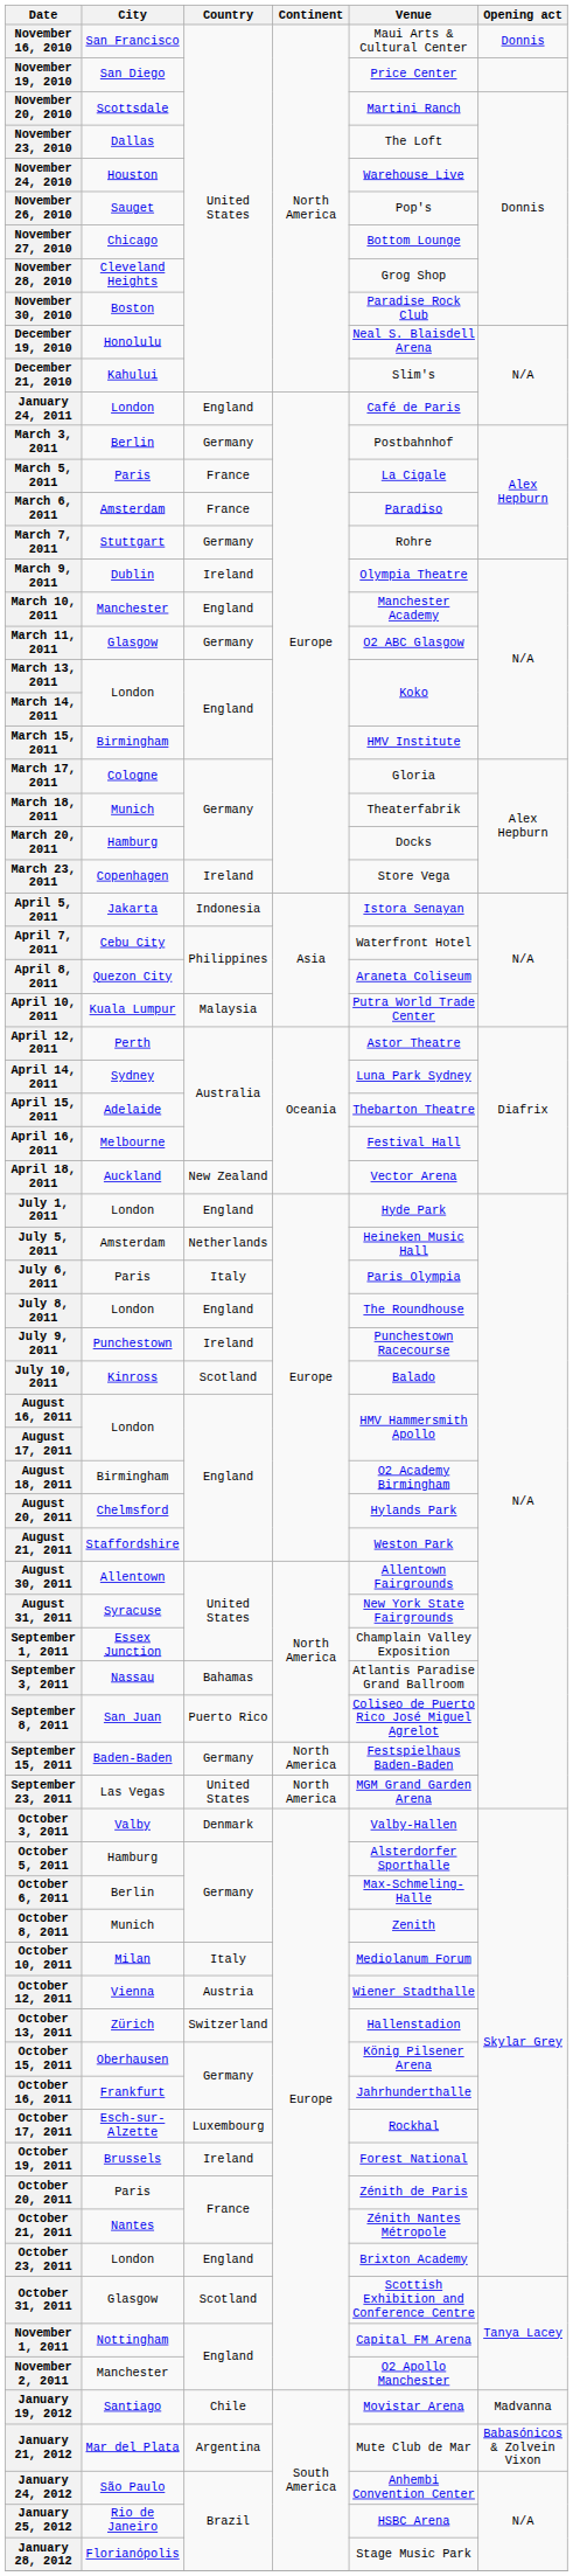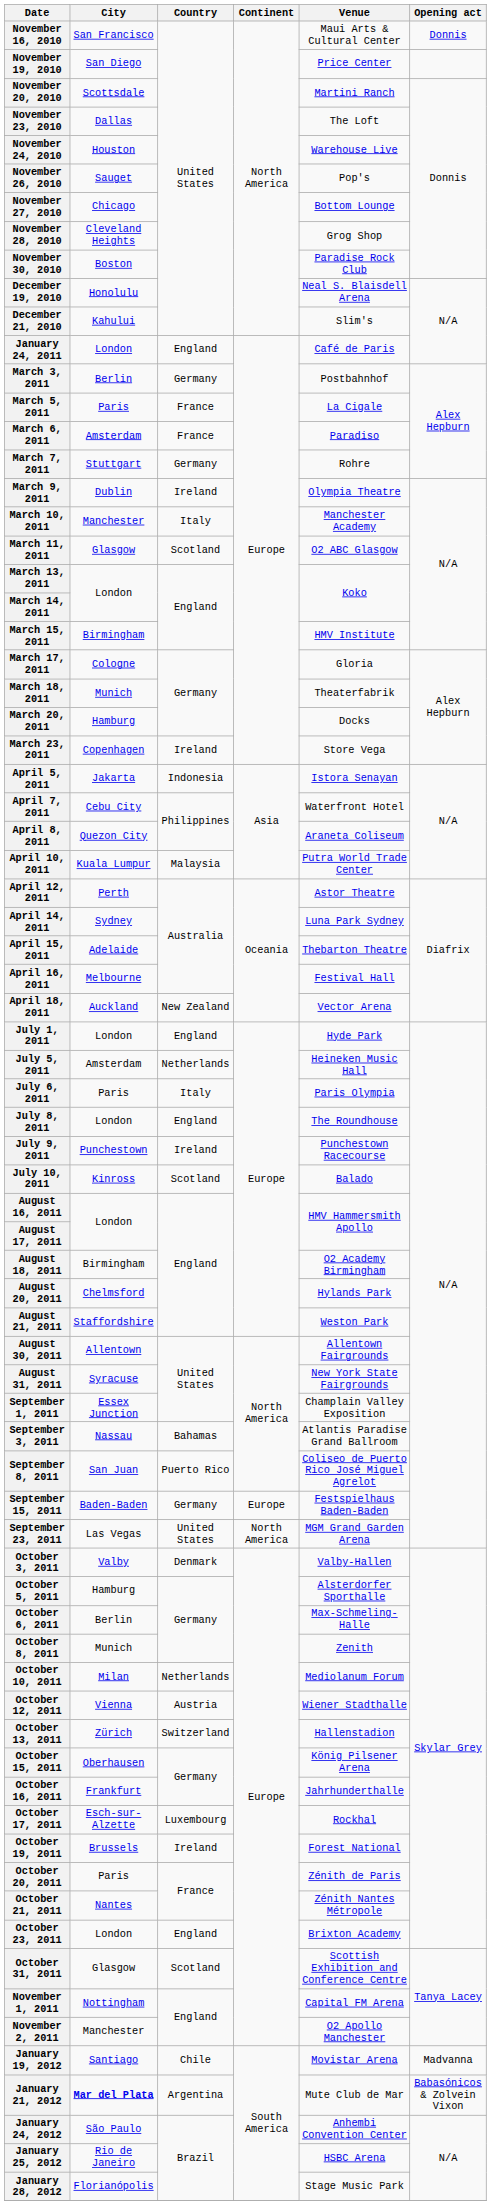 <table class="wikitable plainrowheaders" style="text-align:center;">
 <tr>
 <th scope="col" style="width:10em;">Date</th>
 <th scope="col" style="width:10em;">City</th>
 <th scope="col" style="width:10em;">Country</th>
 <th scope="col" style="width:10em;">Continent</th>
 <th scope="col" style="width:16em;">Venue</th>
 <th scope="col" style="width:10em;">Opening act</th>
 </tr>
 <tr>
 <th scope="row">November 16, 2010</th>
 <td><a href='#'>San Francisco</a></td>
 <td rowspan="11">United States</td>
 <td rowspan="11">North America</td>
 <td>Maui Arts & Cultural Center</td>
 <td><a href='#'>Donnis</a></td>
 </tr>
 <tr>
 <th scope="row">November 19, 2010</th>
 <td><a href='#'>San Diego</a></td>
 <td><a href='#'>Price Center</a></td>
 <td></td>
 </tr>
 <tr>
 <th scope="row">November 20, 2010</th>
 <td><a href='#'>Scottsdale</a></td>
 <td><a href='#'>Martini Ranch</a></td>
 <td rowspan="7">Donnis</td>
 </tr>
 <tr>
 <th scope="row">November 23, 2010</th>
 <td><a href='#'>Dallas</a></td>
 <td>The Loft</td>
 </tr>
 <tr>
 <th scope="row">November 24, 2010</th>
 <td><a href='#'>Houston</a></td>
 <td><a href='#'>Warehouse Live</a></td>
 </tr>
 <tr>
 <th scope="row">November 26, 2010</th>
 <td><a href='#'>Sauget</a></td>
 <td>Pop's</td>
 </tr>
 <tr>
 <th scope="row">November 27, 2010</th>
 <td><a href='#'>Chicago</a></td>
 <td><a href='#'>Bottom Lounge</a></td>
 </tr>
 <tr>
 <th scope="row">November 28, 2010</th>
 <td><a href='#'>Cleveland Heights</a></td>
 <td>Grog Shop</td>
 </tr>
 <tr>
 <th scope="row">November 30, 2010</th>
 <td><a href='#'>Boston</a></td>
 <td><a href='#'>Paradise Rock Club</a></td>
 </tr>
 <tr>
 <th scope="row">December 19, 2010</th>
 <td><a href='#'>Honolulu</a></td>
 <td><a href='#'>Neal S. Blaisdell Arena</a></td>
 <td rowspan="3">N/A</td>
 </tr>
 <tr>
 <th scope="row">December 21, 2010</th>
 <td><a href='#'>Kahului</a></td>
 <td>Slim's</td>
 </tr>
 <tr>
 <th scope="row">January 24, 2011</th>
 <td><a href='#'>London</a></td>
 <td>England</td>
 <td rowspan="15">Europe</td>
 <td><a href='#'>Café de Paris</a></td>
 </tr>
 <tr>
 <th scope="row">March 3, 2011</th>
 <td><a href='#'>Berlin</a></td>
 <td>Germany</td>
 <td>Postbahnhof</td>
 <td rowspan="4"><a href='#'>Alex Hepburn</a></td>
 </tr>
 <tr>
 <th scope="row">March 5, 2011</th>
 <td><a href='#'>Paris</a></td>
 <td>France</td>
 <td><a href='#'>La Cigale</a></td>
 </tr>
 <tr>
 <th scope="row">March 6, 2011</th>
 <td><a href='#'>Amsterdam</a></td>
 <td>France</td>
 <td><a href='#'>Paradiso</a></td>
 </tr>
 <tr>
 <th scope="row">March 7, 2011</th>
 <td><a href='#'>Stuttgart</a></td>
 <td>Germany</td>
 <td>Rohre</td>
 </tr>
 <tr>
 <th scope="row">March 9, 2011</th>
 <td><a href='#'>Dublin</a></td>
 <td>Ireland</td>
 <td><a href='#'>Olympia Theatre</a></td>
 <td rowspan="6">N/A</td>
 </tr>
 <tr>
 <th scope="row">March 10, 2011</th>
 <td><a href='#'>Manchester</a></td>
-<td>England</td>
+<td>Italy</td>
 <td><a href='#'>Manchester Academy</a></td>
 </tr>
 <tr>
 <th scope="row">March 11, 2011</th>
 <td><a href='#'>Glasgow</a></td>
-<td>Germany</td>
+<td>Scotland</td>
 <td><a href='#'>O2 ABC Glasgow</a></td>
 </tr>
 <tr>
 <th scope="row">March 13, 2011</th>
 <td rowspan="2">London</td>
 <td rowspan="3">England</td>
 <td rowspan="2"><a href='#'>Koko</a></td>
 </tr>
 <tr>
 <th scope="row">March 14, 2011</th>
 </tr>
 <tr>
 <th scope="row">March 15, 2011</th>
 <td><a href='#'>Birmingham</a></td>
 <td><a href='#'>HMV Institute</a></td>
 </tr>
 <tr>
 <th scope="row">March 17, 2011</th>
 <td><a href='#'>Cologne</a></td>
 <td rowspan="3">Germany</td>
 <td>Gloria</td>
 <td rowspan="4">Alex Hepburn</td>
 </tr>
 <tr>
 <th scope="row">March 18, 2011</th>
 <td><a href='#'>Munich</a></td>
 <td>Theaterfabrik</td>
 </tr>
 <tr>
 <th scope="row">March 20, 2011</th>
 <td><a href='#'>Hamburg</a></td>
 <td>Docks</td>
 </tr>
 <tr>
 <th scope="row">March 23, 2011</th>
 <td><a href='#'>Copenhagen</a></td>
 <td>Ireland</td>
 <td>Store Vega</td>
 </tr>
 <tr>
 <th scope="row">April 5, 2011</th>
 <td><a href='#'>Jakarta</a></td>
 <td>Indonesia</td>
 <td rowspan="4">Asia</td>
 <td><a href='#'>Istora Senayan</a></td>
 <td rowspan="4">N/A</td>
 </tr>
 <tr>
 <th scope="row">April 7, 2011</th>
 <td><a href='#'>Cebu City</a></td>
 <td rowspan="2">Philippines</td>
 <td>Waterfront Hotel</td>
 </tr>
 <tr>
 <th scope="row">April 8, 2011</th>
 <td><a href='#'>Quezon City</a></td>
 <td><a href='#'>Araneta Coliseum</a></td>
 </tr>
 <tr>
 <th scope="row">April 10, 2011</th>
 <td><a href='#'>Kuala Lumpur</a></td>
 <td>Malaysia</td>
 <td><a href='#'>Putra World Trade Center</a></td>
 </tr>
 <tr>
 <th scope="row">April 12, 2011</th>
 <td><a href='#'>Perth</a></td>
 <td rowspan="4">Australia</td>
 <td rowspan="5">Oceania</td>
 <td><a href='#'>Astor Theatre</a></td>
 <td rowspan="5">Diafrix</td>
 </tr>
 <tr>
 <th scope="row">April 14, 2011</th>
 <td><a href='#'>Sydney</a></td>
 <td><a href='#'>Luna Park Sydney</a></td>
 </tr>
 <tr>
 <th scope="row">April 15, 2011</th>
 <td><a href='#'>Adelaide</a></td>
 <td><a href='#'>Thebarton Theatre</a></td>
 </tr>
 <tr>
 <th scope="row">April 16, 2011</th>
 <td><a href='#'>Melbourne</a></td>
 <td><a href='#'>Festival Hall</a></td>
 </tr>
 <tr>
 <th scope="row">April 18, 2011</th>
 <td><a href='#'>Auckland</a></td>
 <td>New Zealand</td>
 <td><a href='#'>Vector Arena</a></td>
 </tr>
 <tr>
 <th scope="row">July 1, 2011</th>
 <td>London</td>
 <td>England</td>
 <td rowspan="11">Europe</td>
 <td><a href='#'>Hyde Park</a></td>
 <td rowspan="18">N/A</td>
 </tr>
 <tr>
 <th scope="row">July 5, 2011</th>
 <td>Amsterdam</td>
 <td>Netherlands</td>
 <td><a href='#'>Heineken Music Hall</a></td>
 </tr>
 <tr>
 <th scope="row">July 6, 2011</th>
 <td>Paris</td>
 <td>Italy</td>
 <td><a href='#'>Paris Olympia</a></td>
 </tr>
 <tr>
 <th scope="row">July 8, 2011</th>
 <td>London</td>
 <td>England</td>
 <td><a href='#'>The Roundhouse</a></td>
 </tr>
 <tr>
 <th scope="row">July 9, 2011</th>
 <td><a href='#'>Punchestown</a></td>
 <td>Ireland</td>
 <td><a href='#'>Punchestown Racecourse</a></td>
 </tr>
 <tr>
 <th scope="row">July 10, 2011</th>
 <td><a href='#'>Kinross</a></td>
 <td>Scotland</td>
 <td><a href='#'>Balado</a></td>
 </tr>
 <tr>
 <th scope="row">August 16, 2011</th>
 <td rowspan="2">London</td>
 <td rowspan="5">England</td>
 <td rowspan="2"><a href='#'>HMV Hammersmith Apollo</a></td>
 </tr>
 <tr>
 <th scope="row">August 17, 2011</th>
 </tr>
 <tr>
 <th scope="row">August 18, 2011</th>
 <td>Birmingham</td>
 <td><a href='#'>O2 Academy Birmingham</a></td>
 </tr>
 <tr>
 <th scope="row">August 20, 2011</th>
 <td><a href='#'>Chelmsford</a></td>
 <td><a href='#'>Hylands Park</a></td>
 </tr>
 <tr>
 <th scope="row">August 21, 2011</th>
 <td><a href='#'>Staffordshire</a></td>
 <td><a href='#'>Weston Park</a></td>
 </tr>
 <tr>
 <th scope="row">August 30, 2011</th>
 <td><a href='#'>Allentown</a></td>
 <td rowspan="3">United States</td>
 <td rowspan="5">North America</td>
 <td><a href='#'>Allentown Fairgrounds</a></td>
 </tr>
 <tr>
 <th scope="row">August 31, 2011</th>
 <td><a href='#'>Syracuse</a></td>
 <td><a href='#'>New York State Fairgrounds</a></td>
 </tr>
 <tr>
 <th scope="row">September 1, 2011</th>
 <td><a href='#'>Essex Junction</a></td>
 <td>Champlain Valley Exposition</td>
 </tr>
 <tr>
 <th scope="row">September 3, 2011</th>
 <td><a href='#'>Nassau</a></td>
 <td>Bahamas</td>
 <td>Atlantis Paradise Grand Ballroom</td>
 </tr>
 <tr>
 <th scope="row">September 8, 2011</th>
 <td><a href='#'>San Juan</a></td>
 <td>Puerto Rico</td>
 <td><a href='#'>Coliseo de Puerto Rico José Miguel Agrelot</a></td>
 </tr>
 <tr>
 <th scope="row">September 15, 2011</th>
 <td><a href='#'>Baden-Baden</a></td>
 <td>Germany</td>
-<td>North America</td>
+<td>Europe</td>
 <td><a href='#'>Festspielhaus Baden-Baden</a></td>
 </tr>
 <tr>
 <th scope="row">September 23, 2011</th>
 <td>Las Vegas</td>
 <td>United States</td>
 <td>North America</td>
 <td><a href='#'>MGM Grand Garden Arena</a></td>
 </tr>
 <tr>
 <th scope="row">October 3, 2011</th>
 <td><a href='#'>Valby</a></td>
 <td>Denmark</td>
 <td rowspan="17">Europe</td>
 <td><a href='#'>Valby-Hallen</a></td>
 <td rowspan="14"><a href='#'>Skylar Grey</a></td>
 </tr>
 <tr>
 <th scope="row">October 5, 2011</th>
 <td>Hamburg</td>
 <td rowspan="3">Germany</td>
 <td><a href='#'>Alsterdorfer Sporthalle</a></td>
 </tr>
 <tr>
 <th scope="row">October 6, 2011</th>
 <td>Berlin</td>
 <td><a href='#'>Max-Schmeling-Halle</a></td>
 </tr>
 <tr>
 <th scope="row">October 8, 2011</th>
 <td>Munich</td>
 <td><a href='#'>Zenith</a></td>
 </tr>
 <tr>
 <th scope="row">October 10, 2011</th>
 <td><a href='#'>Milan</a></td>
-<td>Italy</td>
+<td>Netherlands</td>
 <td><a href='#'>Mediolanum Forum</a></td>
 </tr>
 <tr>
 <th scope="row">October 12, 2011</th>
 <td><a href='#'>Vienna</a></td>
 <td>Austria</td>
 <td><a href='#'>Wiener Stadthalle</a></td>
 </tr>
 <tr>
 <th scope="row">October 13, 2011</th>
 <td><a href='#'>Zürich</a></td>
 <td>Switzerland</td>
 <td><a href='#'>Hallenstadion</a></td>
 </tr>
 <tr>
 <th scope="row">October 15, 2011</th>
 <td><a href='#'>Oberhausen</a></td>
 <td rowspan="2">Germany</td>
 <td><a href='#'>König Pilsener Arena</a></td>
 </tr>
 <tr>
 <th scope="row">October 16, 2011</th>
 <td><a href='#'>Frankfurt</a></td>
 <td><a href='#'>Jahrhunderthalle</a></td>
 </tr>
 <tr>
 <th scope="row">October 17, 2011</th>
 <td><a href='#'>Esch-sur-Alzette</a></td>
 <td>Luxembourg</td>
 <td><a href='#'>Rockhal</a></td>
 </tr>
 <tr>
 <th scope="row">October 19, 2011</th>
 <td><a href='#'>Brussels</a></td>
 <td>Ireland</td>
 <td><a href='#'>Forest National</a></td>
 </tr>
 <tr>
 <th scope="row">October 20, 2011</th>
 <td>Paris</td>
 <td rowspan="2">France</td>
 <td><a href='#'>Zénith de Paris</a></td>
 </tr>
 <tr>
 <th scope="row">October 21, 2011</th>
 <td><a href='#'>Nantes</a></td>
 <td><a href='#'>Zénith Nantes Métropole</a></td>
 </tr>
 <tr>
 <th scope="row">October 23, 2011</th>
 <td>London</td>
 <td>England</td>
 <td><a href='#'>Brixton Academy</a></td>
 </tr>
 <tr>
 <th scope="row">October 31, 2011</th>
 <td>Glasgow</td>
 <td>Scotland</td>
 <td><a href='#'>Scottish Exhibition and Conference Centre</a></td>
 <td rowspan="3"><a href='#'>Tanya Lacey</a></td>
 </tr>
 <tr>
 <th scope="row">November 1, 2011</th>
 <td><a href='#'>Nottingham</a></td>
 <td rowspan="2">England</td>
 <td><a href='#'>Capital FM Arena</a></td>
 </tr>
 <tr>
 <th scope="row">November 2, 2011</th>
 <td>Manchester</td>
 <td><a href='#'>O2 Apollo Manchester</a></td>
 </tr>
 <tr>
 <th scope="row">January 19, 2012</th>
 <td><a href='#'>Santiago</a></td>
 <td>Chile</td>
 <td rowspan="5">South America</td>
 <td><a href='#'>Movistar Arena</a></td>
 <td>Madvanna</td>
 </tr>
 <tr>
 <th scope="row">January 21, 2012</th>
-<td><a href='#'>Mar del Plata</a></td>
+<td><strong><a href='#'>Mar del Plata</a></strong></td>
 <td>Argentina</td>
 <td>Mute Club de Mar</td>
 <td><a href='#'>Babasónicos</a> & Zolvein Vixon</td>
 </tr>
 <tr>
 <th scope="row">January 24, 2012</th>
 <td><a href='#'>São Paulo</a></td>
 <td rowspan="3">Brazil</td>
 <td><a href='#'>Anhembi Convention Center</a></td>
 <td rowspan="3">N/A</td>
 </tr>
 <tr>
 <th scope="row">January 25, 2012</th>
 <td><a href='#'>Rio de Janeiro</a></td>
 <td><a href='#'>HSBC Arena</a></td>
 </tr>
 <tr>
 <th scope="row">January 28, 2012</th>
 <td><a href='#'>Florianópolis</a></td>
 <td>Stage Music Park</td>
 </tr>
 <tr>
 </tr>
 </table>
